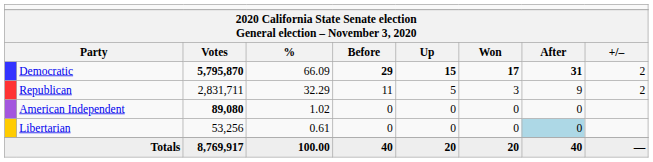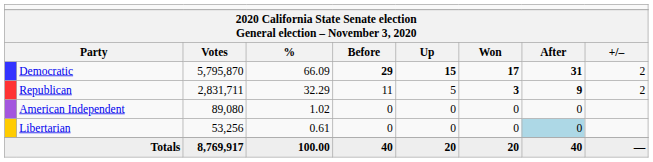 <table class="wikitable" style="font-size: 95%;">
 <tr>
 <td colspan=15 align=center></td>
 </tr>
 <tr>
 </tr>
 <tr style="background-color:#E9E9E9">
 <th colspan="9">2020 California State Senate election<br>General election – November 3, 2020</th>
 </tr>
 <tr>
 <th colspan=2 style="width: 15em">Party</th>
 <th style="width: 5em">Votes</th>
 <th style="width: 7em">%</th>
 <th style="width: 5em">Before</th>
 <th style="width: 5em">Up</th>
 <th style="width: 5em">Won</th>
 <th style="width: 5em">After</th>
 <th style="width: 5em">+/–</th>
 </tr>
 <tr>
 <th style="background-color:#3333FF; width: 3px"></th>
 <td style="width: 130px"><a href='#'>Democratic</a></td>
-<td align="right"><strong>5,795,870</strong></td>
+<td align="right">5,795,870</td>
 <td align="right">66.09</td>
 <td align="right"><strong>29</strong></td>
 <td align="right"><strong>15</strong></td>
 <td align="right"><strong>17</strong></td>
 <td align="right"><strong>31</strong></td>
 <td align="right"> 2</td>
 </tr>
 <tr>
 <th style="background-color:#FF3333; width: 3px"></th>
 <td style="width: 130px"><a href='#'>Republican</a></td>
 <td align="right">2,831,711</td>
 <td align="right">32.29</td>
 <td align="right">11</td>
 <td align="right">5</td>
-<td align="right">3</td>
-<td align="right">9</td>
+<td align="right"><strong>3</strong></td>
+<td align="right"><strong>9</strong></td>
 <td align="right"> 2</td>
 </tr>
 <tr>
 <th style="background-color:#A356DE; width: 3px"></th>
 <td style="width: 130px"><a href='#'>American Independent</a></td>
-<td align="right"><strong>89,080</strong></td>
+<td align="right">89,080</td>
 <td align="right">1.02</td>
 <td align="right">0</td>
 <td align="right">0</td>
 <td align="right">0</td>
 <td align="right">0</td>
 <td align="right"></td>
 </tr>
 <tr>
 <th style="background-color:#FFCC00; width: 3px"></th>
 <td style="width: 130px"><a href='#'>Libertarian</a></td>
 <td align="right">53,256</td>
 <td align="right">0.61</td>
 <td align="right">0</td>
 <td align="right">0</td>
 <td align="right">0</td>
 <td align="right" style="background: lightblue;">0</td>
 <td align="right"></td>
 </tr>
 <tr>
 </tr>
 <tr bgcolor="#EEEEEE">
 <td colspan="2" align="right"><strong>Totals</strong></td>
 <td align="right"><strong>8,769,917</strong></td>
 <td align="right"><strong>100.00</strong></td>
 <td align="right"><strong>40</strong></td>
 <td align="right"><strong>20</strong></td>
 <td align="right"><strong>20</strong></td>
 <td align="right"><strong>40</strong></td>
 <td align="right"><strong>—</strong></td>
 </tr>
 </table>
